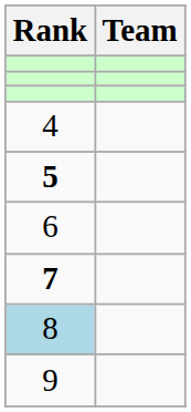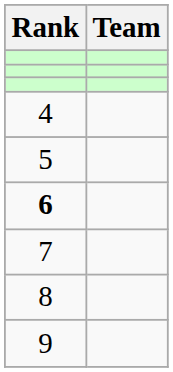 <table class="wikitable">
 <tr>
 <th>Rank</th>
 <th>Team</th>
 </tr>
 <tr bgcolor="#ccffcc">
 <td align=center></td>
 <td></td>
 </tr>
 <tr bgcolor="#ccffcc">
 <td align=center></td>
 <td></td>
 </tr>
 <tr bgcolor="#ccffcc">
 <td align=center></td>
 <td></td>
 </tr>
 <tr>
 <td align=center>4</td>
 <td></td>
 </tr>
 <tr>
-<td align=center><strong>5</strong></td>
+<td align=center>5</td>
 <td></td>
 </tr>
 <tr>
-<td align=center>6</td>
+<td align=center><strong>6</strong></td>
 <td></td>
 </tr>
 <tr>
-<td align=center><strong>7</strong></td>
+<td align=center>7</td>
 <td></td>
 </tr>
 <tr>
-<td align=center style="background: lightblue;">8</td>
+<td align=center>8</td>
 <td></td>
 </tr>
 <tr>
 <td align=center>9</td>
 <td></td>
 </tr>
 </table>
